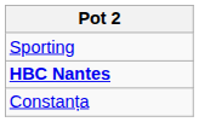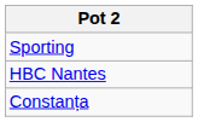 <table class="wikitable">
 <tr>
 <th width=165>Pot 2</th>
 </tr>
 <tr>
 <td> <a href='#'>Sporting</a></td>
 </tr>
 <tr>
-<td><strong> <a href='#'>HBC Nantes</a></strong></td>
+<td> <a href='#'>HBC Nantes</a></td>
 </tr>
 <tr>
 <td> <a href='#'>Constanța</a></td>
 </tr>
 </table>
